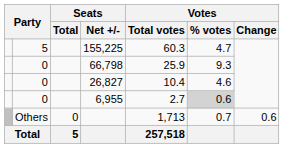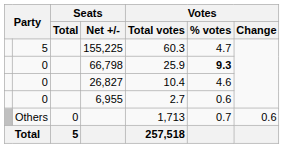 <table class="wikitable" style="text-align:right; font-size:95%;">
 <tr>
 <th colspan="2" rowspan="2">Party</th>
 <th colspan="2">Seats</th>
 <th colspan="3">Votes</th>
 </tr>
 <tr>
 <th>Total</th>
 <th>Net +/-</th>
 <th>Total votes</th>
 <th>% votes</th>
 <th>Change</th>
 </tr>
 <tr>
 <td></td>
 <td>5</td>
 <td></td>
 <td>155,225</td>
 <td>60.3</td>
 <td>4.7</td>
 </tr>
 <tr>
 <td></td>
 <td>0</td>
 <td></td>
 <td>66,798</td>
 <td>25.9</td>
-<td>9.3</td>
+<td><strong>9.3</strong></td>
 </tr>
 <tr>
 <td></td>
 <td>0</td>
 <td></td>
 <td>26,827</td>
 <td>10.4</td>
 <td>4.6</td>
 </tr>
 <tr>
 <td></td>
 <td>0</td>
 <td></td>
 <td>6,955</td>
 <td>2.7</td>
-<td style="background: lightgrey;">0.6</td>
+<td>0.6</td>
 </tr>
 <tr>
 <td style="background:silver;"> </td>
 <td align=left>Others</td>
 <td>0</td>
 <td></td>
 <td>1,713</td>
 <td>0.7</td>
 <td>0.6</td>
 </tr>
 <tr>
 <th colspan="2" style="background:#f2f2f2">Total</th>
 <td style="background:#f2f2f2;"><strong>5</strong></td>
 <td style="background:#f2f2f2;"></td>
 <td style="background:#f2f2f2;"><strong>257,518</strong></td>
 <td style="background:#f2f2f2;"></td>
 <td style="background:#f2f2f2;"></td>
 </tr>
 </table>
